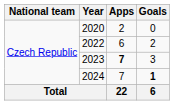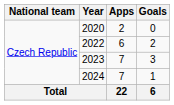 <table class="wikitable" style="text-align:center">
 <tr>
 <th>National team</th>
 <th>Year</th>
 <th>Apps</th>
 <th>Goals</th>
 </tr>
 <tr>
 <td rowspan="4"><a href='#'>Czech Republic</a></td>
 <td>2020</td>
 <td>2</td>
 <td>0</td>
 </tr>
 <tr>
 <td>2022</td>
 <td>6</td>
 <td>2</td>
 </tr>
 <tr>
 <td>2023</td>
-<td><strong>7</strong></td>
+<td>7</td>
 <td>3</td>
 </tr>
 <tr>
 <td>2024</td>
 <td>7</td>
-<td><strong>1</strong></td>
+<td>1</td>
 </tr>
 <tr>
 <th colspan="2">Total</th>
 <th>22</th>
 <th>6</th>
 </tr>
 </table>
